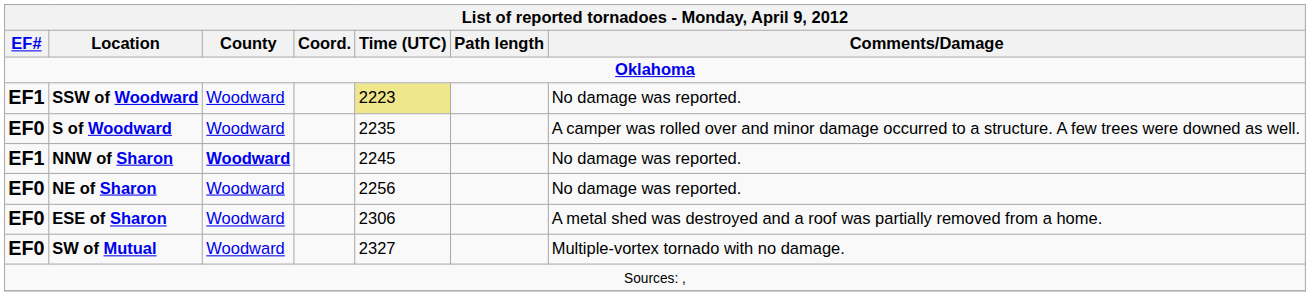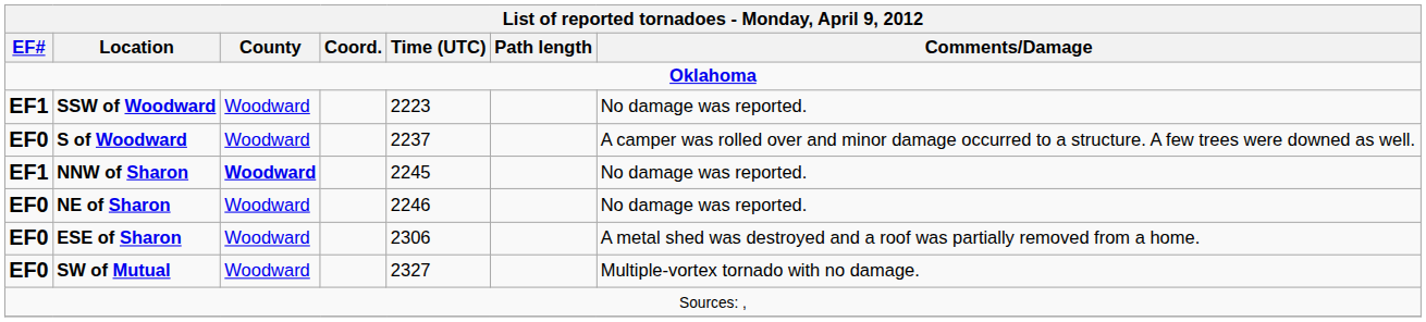 <table class="wikitable collapsible" width="100%">
 <tr>
 <th colspan="7">List of reported tornadoes - Monday, April 9, 2012</th>
 </tr>
 <tr>
 <th><a href='#'>EF#</a></th>
 <th>Location</th>
 <th>County</th>
 <th>Coord.</th>
 <th>Time (UTC)</th>
 <th>Path length</th>
 <th>Comments/Damage</th>
 </tr>
 <tr>
 <td colspan="7" align=center><strong><a href='#'>Oklahoma</a></strong></td>
 </tr>
 <tr>
 <td><big><strong>EF1</strong></big></td>
 <td><strong>SSW of <a href='#'>Woodward</a></strong></td>
 <td><a href='#'>Woodward</a></td>
 <td></td>
-<td style="background: khaki;">2223</td>
+<td>2223</td>
 <td></td>
 <td>No damage was reported.</td>
 </tr>
 <tr>
 <td><big><strong>EF0</strong></big></td>
 <td><strong>S of <a href='#'>Woodward</a></strong></td>
 <td><a href='#'>Woodward</a></td>
 <td></td>
-<td>2235</td>
+<td>2237</td>
 <td></td>
 <td>A camper was rolled over and minor damage occurred to a structure. A few trees were downed as well.</td>
 </tr>
 <tr>
 <td><big><strong>EF1</strong></big></td>
 <td><strong>NNW of <a href='#'>Sharon</a></strong></td>
 <td><strong><a href='#'>Woodward</a></strong></td>
 <td></td>
 <td>2245</td>
 <td></td>
 <td>No damage was reported.</td>
 </tr>
 <tr>
 <td><big><strong>EF0</strong></big></td>
 <td><strong>NE of <a href='#'>Sharon</a></strong></td>
 <td><a href='#'>Woodward</a></td>
 <td></td>
-<td>2256</td>
+<td>2246</td>
 <td></td>
 <td>No damage was reported.</td>
 </tr>
 <tr>
 <td><big><strong>EF0</strong></big></td>
 <td><strong>ESE of <a href='#'>Sharon</a></strong></td>
 <td><a href='#'>Woodward</a></td>
 <td></td>
 <td>2306</td>
 <td></td>
 <td>A metal shed was destroyed and a roof was partially removed from a home.</td>
 </tr>
 <tr>
 <td><big><strong>EF0</strong></big></td>
 <td><strong>SW of <a href='#'>Mutual</a></strong></td>
 <td><a href='#'>Woodward</a></td>
 <td></td>
 <td>2327</td>
 <td></td>
 <td>Multiple-vortex tornado with no damage.</td>
 </tr>
 <tr>
 <td colspan="7" align=center><small>Sources: , </small></td>
 </tr>
 <tr>
 </tr>
 </table>
